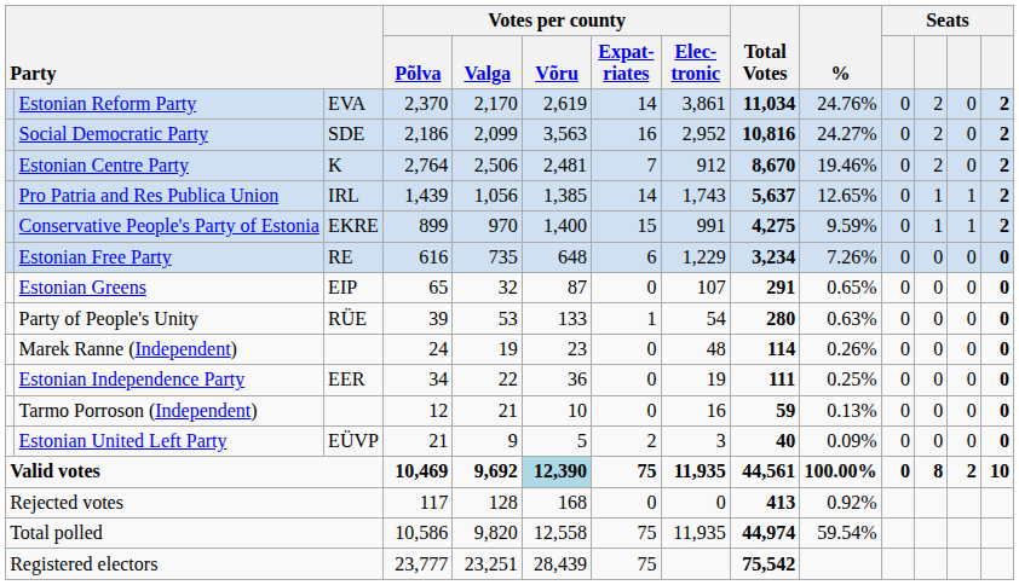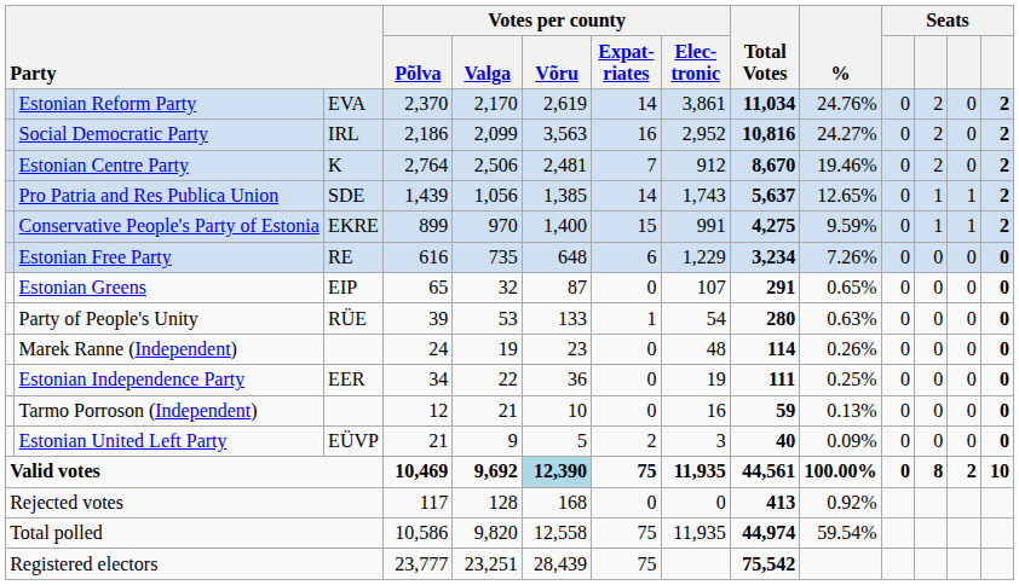 <table class="wikitable" border="1" style="text-align:right;">
 <tr>
 <th style="text-align:left;" valign=bottom rowspan=2 colspan=3>Party</th>
 <th colspan=5>Votes per county</th>
 <th align=center valign=bottom rowspan=2 width="50">Total Votes</th>
 <th align=center valign=bottom rowspan=2 width="50">%</th>
 <th colspan=4>Seats</th>
 </tr>
 <tr>
 <th align=center valign=bottom width="50"><a href='#'>Põlva</a></th>
 <th align=center valign=bottom width="50"><a href='#'>Valga</a></th>
 <th align=center valign=bottom width="50"><a href='#'>Võru</a></th>
 <th align=center valign=bottom width="50"><a href='#'>Expat- riates</a></th>
 <th align=center valign=bottom width="50"><a href='#'>Elec- tronic</a></th>
 <th align=center valign=bottom width="20"><small></small></th>
 <th align=center valign=bottom width="20"><small></small></th>
 <th align=center valign=bottom width="20"><small></small></th>
 <th align=center valign=bottom width="20"><small></small></th>
 </tr>
 <tr style="background:#CEE0F2;">
 <td style="background:"></td>
 <td align=left><a href='#'>Estonian Reform Party</a></td>
 <td align=left>EVA</td>
 <td>2,370</td>
 <td>2,170</td>
 <td>2,619</td>
 <td>14</td>
 <td>3,861</td>
 <td><strong>11,034</strong></td>
 <td>24.76%</td>
 <td>0</td>
 <td>2</td>
 <td>0</td>
 <td><strong>2</strong></td>
 </tr>
 <tr style="background:#CEE0F2;">
 <td style="background:"></td>
 <td align=left><a href='#'>Social Democratic Party</a></td>
-<td align=left>SDE</td>
+<td align=left>IRL</td>
 <td>2,186</td>
 <td>2,099</td>
 <td>3,563</td>
 <td>16</td>
 <td>2,952</td>
 <td><strong>10,816</strong></td>
 <td>24.27%</td>
 <td>0</td>
 <td>2</td>
 <td>0</td>
 <td><strong>2</strong></td>
 </tr>
 <tr style="background:#CEE0F2;">
 <td style="background:"></td>
 <td align=left><a href='#'>Estonian Centre Party</a></td>
 <td align=left>K</td>
 <td>2,764</td>
 <td>2,506</td>
 <td>2,481</td>
 <td>7</td>
 <td>912</td>
 <td><strong>8,670</strong></td>
 <td>19.46%</td>
 <td>0</td>
 <td>2</td>
 <td>0</td>
 <td><strong>2</strong></td>
 </tr>
 <tr style="background:#CEE0F2;">
 <td style="background:"></td>
 <td align=left><a href='#'>Pro Patria and Res Publica Union</a></td>
-<td align=left>IRL</td>
+<td align=left>SDE</td>
 <td>1,439</td>
 <td>1,056</td>
 <td>1,385</td>
 <td>14</td>
 <td>1,743</td>
 <td><strong>5,637</strong></td>
 <td>12.65%</td>
 <td>0</td>
 <td>1</td>
 <td>1</td>
 <td><strong>2</strong></td>
 </tr>
 <tr style="background:#CEE0F2;">
 <td style="background:"></td>
 <td align=left><a href='#'>Conservative People's Party of Estonia</a></td>
 <td align=left>EKRE</td>
 <td>899</td>
 <td>970</td>
 <td>1,400</td>
 <td>15</td>
 <td>991</td>
 <td><strong>4,275</strong></td>
 <td>9.59%</td>
 <td>0</td>
 <td>1</td>
 <td>1</td>
 <td><strong>2</strong></td>
 </tr>
 <tr style="background:#CEE0F2;">
 <td style="background:"></td>
 <td align=left><a href='#'>Estonian Free Party</a></td>
 <td align=left>RE</td>
 <td>616</td>
 <td>735</td>
 <td>648</td>
 <td>6</td>
 <td>1,229</td>
 <td><strong>3,234</strong></td>
 <td>7.26%</td>
 <td>0</td>
 <td>0</td>
 <td>0</td>
 <td><strong>0</strong></td>
 </tr>
 <tr>
 <td style="background:"></td>
 <td align=left><a href='#'>Estonian Greens</a></td>
 <td align=left>EIP</td>
 <td>65</td>
 <td>32</td>
 <td>87</td>
 <td>0</td>
 <td>107</td>
 <td><strong>291</strong></td>
 <td>0.65%</td>
 <td>0</td>
 <td>0</td>
 <td>0</td>
 <td><strong>0</strong></td>
 </tr>
 <tr>
 <td></td>
 <td align=left>Party of People's Unity</td>
 <td align=left>RÜE</td>
 <td>39</td>
 <td>53</td>
 <td>133</td>
 <td>1</td>
 <td>54</td>
 <td><strong>280</strong></td>
 <td>0.63%</td>
 <td>0</td>
 <td>0</td>
 <td>0</td>
 <td><strong>0</strong></td>
 </tr>
 <tr>
 <td style="background:"></td>
 <td align=left>Marek Ranne (<a href='#'>Independent</a>)</td>
 <td></td>
 <td>24</td>
 <td>19</td>
 <td>23</td>
 <td>0</td>
 <td>48</td>
 <td><strong>114</strong></td>
 <td>0.26%</td>
 <td>0</td>
 <td>0</td>
 <td>0</td>
 <td><strong>0</strong></td>
 </tr>
 <tr>
 <td style="background:"></td>
 <td align=left><a href='#'>Estonian Independence Party</a></td>
 <td align=left>EER</td>
 <td>34</td>
 <td>22</td>
 <td>36</td>
 <td>0</td>
 <td>19</td>
 <td><strong>111</strong></td>
 <td>0.25%</td>
 <td>0</td>
 <td>0</td>
 <td>0</td>
 <td><strong>0</strong></td>
 </tr>
 <tr>
 <td style="background:"></td>
 <td align=left>Tarmo Porroson (<a href='#'>Independent</a>)</td>
 <td></td>
 <td>12</td>
 <td>21</td>
 <td>10</td>
 <td>0</td>
 <td>16</td>
 <td><strong>59</strong></td>
 <td>0.13%</td>
 <td>0</td>
 <td>0</td>
 <td>0</td>
 <td><strong>0</strong></td>
 </tr>
 <tr>
 <td style="background:"></td>
 <td align=left><a href='#'>Estonian United Left Party</a></td>
 <td align=left>EÜVP</td>
 <td>21</td>
 <td>9</td>
 <td>5</td>
 <td>2</td>
 <td>3</td>
 <td><strong>40</strong></td>
 <td>0.09%</td>
 <td>0</td>
 <td>0</td>
 <td>0</td>
 <td><strong>0</strong></td>
 </tr>
 <tr style="font-weight:bold">
 <td align=left colspan=3>Valid votes</td>
 <td>10,469</td>
 <td>9,692</td>
 <td style="background: lightblue;">12,390</td>
 <td>75</td>
 <td>11,935</td>
 <td>44,561</td>
 <td>100.00%</td>
 <td>0</td>
 <td>8</td>
 <td>2</td>
 <td>10</td>
 </tr>
 <tr>
 <td align=left colspan=3>Rejected votes</td>
 <td>117</td>
 <td>128</td>
 <td>168</td>
 <td>0</td>
 <td>0</td>
 <td><strong>413</strong></td>
 <td>0.92%</td>
 <td></td>
 <td></td>
 <td></td>
 <td></td>
 </tr>
 <tr>
 <td align=left colspan=3>Total polled</td>
 <td>10,586</td>
 <td>9,820</td>
 <td>12,558</td>
 <td>75</td>
 <td>11,935</td>
 <td><strong>44,974</strong></td>
 <td>59.54%</td>
 <td></td>
 <td></td>
 <td></td>
 <td></td>
 </tr>
 <tr>
 <td align=left colspan=3>Registered electors</td>
 <td>23,777</td>
 <td>23,251</td>
 <td>28,439</td>
 <td>75</td>
 <td></td>
 <td><strong>75,542</strong></td>
 <td></td>
 <td></td>
 <td></td>
 <td></td>
 <td></td>
 </tr>
 </table>
